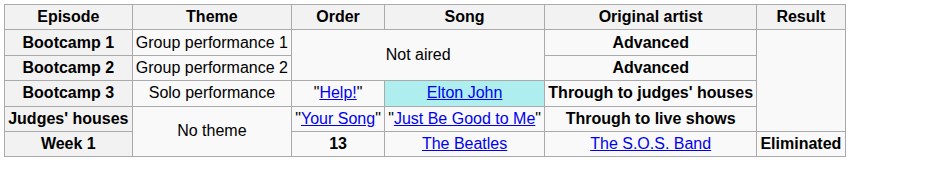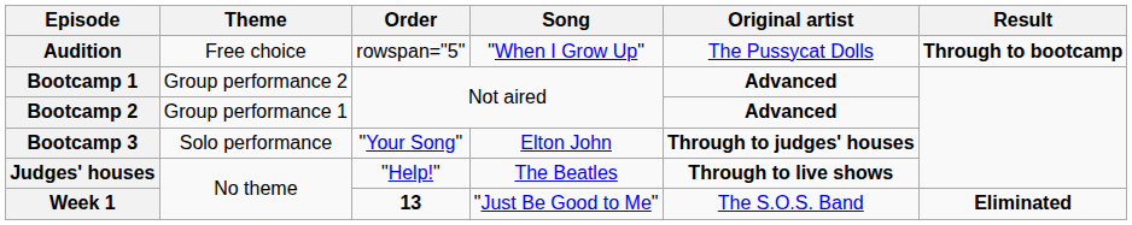 <table class="wikitable" style="text-align: center;">
 <tr>
 <th scope="col">Episode</th>
 <th scope="col">Theme</th>
 <th scope="col">Order</th>
 <th scope="col">Song</th>
 <th scope="col">Original artist</th>
 <th scope="col">Result</th>
 </tr>
 <tr>
+<th scope="row">Audition</th>
+<td>Free choice</td>
+<td>rowspan="5" </td>
+<td>"<a href='#'>When I Grow Up</a>"</td>
+<td><a href='#'>The Pussycat Dolls</a></td>
+<td><strong>Through to bootcamp</strong></td>
+</tr>
+<tr>
 <th scope="row">Bootcamp 1</th>
-<td>Group performance 1</td>
+<td>Group performance 2</td>
 <td rowspan="2" colspan="2">Not aired</td>
 <td><strong>Advanced</strong></td>
 </tr>
 <tr>
 <th scope="row">Bootcamp 2</th>
-<td>Group performance 2</td>
+<td>Group performance 1</td>
 <td><strong>Advanced</strong></td>
 </tr>
 <tr>
 <th scope="row">Bootcamp 3</th>
 <td>Solo performance</td>
-<td>"<a href='#'>Help!</a>"</td>
-<td style="background: paleturquoise;"><a href='#'>Elton John</a></td>
+<td>"<a href='#'>Your Song</a>"</td>
+<td><a href='#'>Elton John</a></td>
 <td><strong>Through to judges' houses</strong></td>
 </tr>
 <tr>
 <th scope="row">Judges' houses</th>
 <td rowspan="2">No theme</td>
-<td>"<a href='#'>Your Song</a>"</td>
-<td>"<a href='#'>Just Be Good to Me</a>"</td>
+<td>"<a href='#'>Help!</a>"</td>
+<td><a href='#'>The Beatles</a></td>
 <td><strong>Through to live shows</strong></td>
 </tr>
 <tr :T>
 <th scope="row">Week 1</th>
 <td><strong>13</strong></td>
-<td><a href='#'>The Beatles</a></td>
+<td>"<a href='#'>Just Be Good to Me</a>"</td>
 <td><a href='#'>The S.O.S. Band</a></td>
 <td><strong>Eliminated</strong></td>
 </tr>
 </table>
